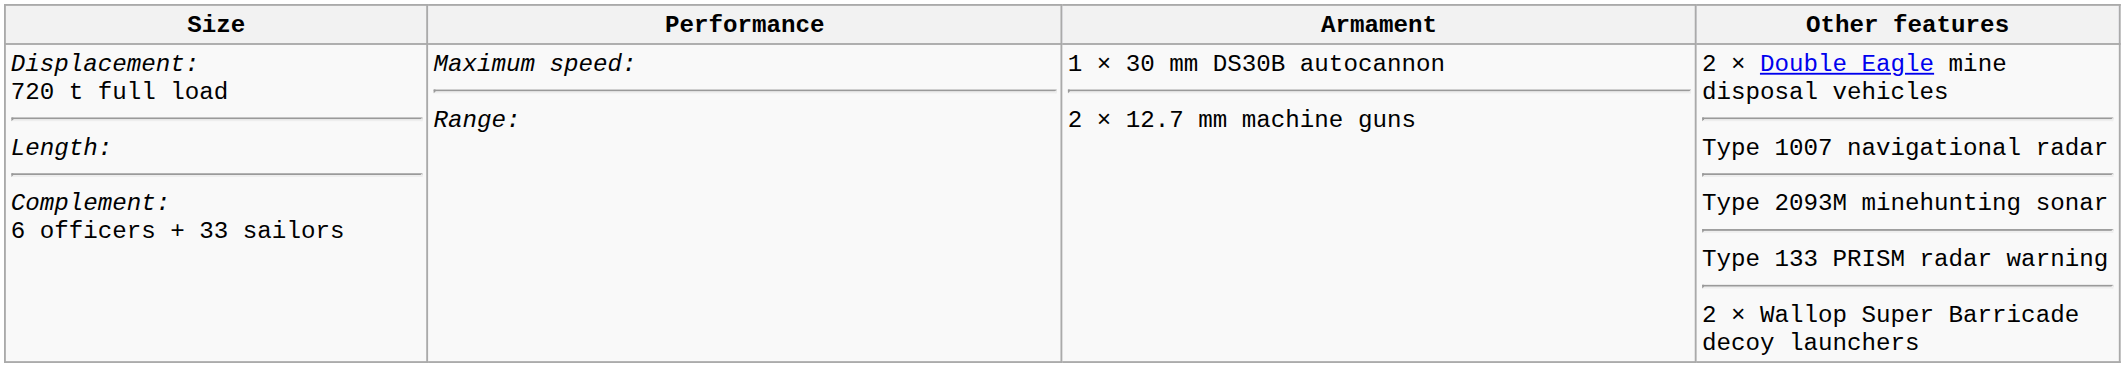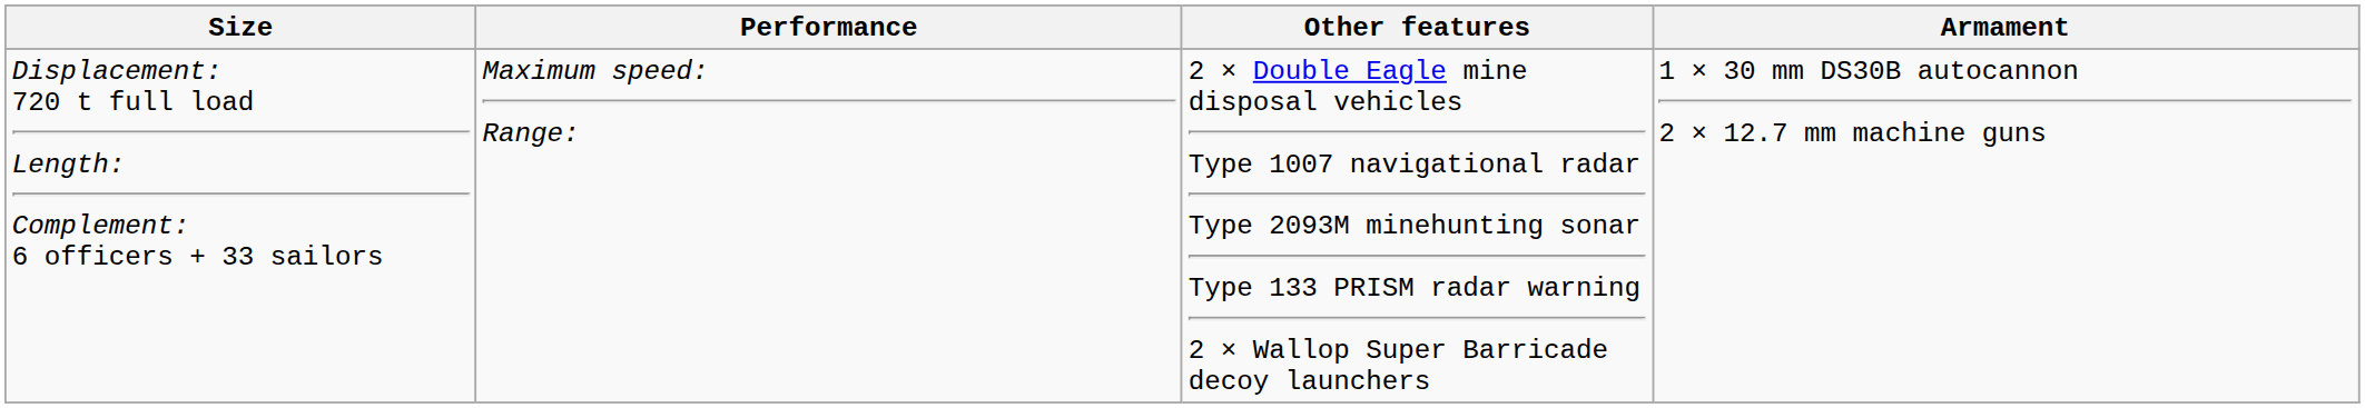 <table class="wikitable" width=90% style="text-align: left">
 <tr bgcolor=lavender>
 <th>Size</th>
 <th>Performance</th>
+<th>Other features</th>
 <th>Armament</th>
-<th>Other features</th>
 </tr>
 <tr>
 <td valign=top width=20%><em>Displacement:</em><br>720 t full load<hr><em>Length:</em><br><hr><em>Complement:</em><br>6 officers + 33 sailors</td>
 <td valign=top width=30%><em>Maximum speed:</em><br><hr><em>Range:</em><br></td>
+<td valign=top width=20%>2 × <a href='#'>Double Eagle</a> mine disposal vehicles<hr>Type 1007 navigational radar<hr>Type 2093M minehunting sonar<hr>Type 133 PRISM radar warning<hr>2 × Wallop Super Barricade decoy launchers</td>
 <td valign=top width=30%>1 × 30 mm DS30B autocannon<hr>2 × 12.7 mm machine guns</td>
-<td valign=top width=20%>2 × <a href='#'>Double Eagle</a> mine disposal vehicles<hr>Type 1007 navigational radar<hr>Type 2093M minehunting sonar<hr>Type 133 PRISM radar warning<hr>2 × Wallop Super Barricade decoy launchers</td>
 </tr>
 </table>
